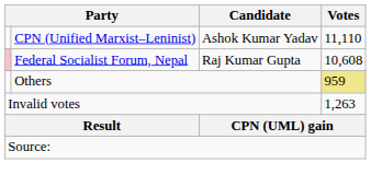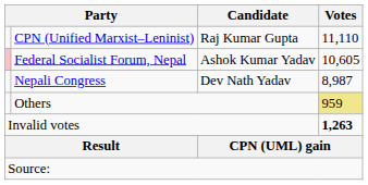 <table class="wikitable">
 <tr>
 <th colspan="2">Party</th>
 <th>Candidate</th>
 <th>Votes</th>
 </tr>
 <tr>
 <td style="background-color:"></td>
 <td><a href='#'>CPN (Unified Marxist–Leninist)</a></td>
-<td>Ashok Kumar Yadav</td>
+<td>Raj Kumar Gupta</td>
 <td>11,110</td>
 </tr>
 <tr>
 <td style="background-color:pink"></td>
 <td><a href='#'>Federal Socialist Forum, Nepal</a></td>
-<td>Raj Kumar Gupta</td>
-<td>10,608</td>
+<td>Ashok Kumar Yadav</td>
+<td>10,605</td>
+</tr>
+<tr>
+<td style="background-color:"></td>
+<td><a href='#'>Nepali Congress</a></td>
+<td>Dev Nath Yadav</td>
+<td>8,987</td>
 </tr>
 <tr>
 <td></td>
 <td colspan="2">Others</td>
 <td style="background: khaki;">959</td>
 </tr>
 <tr>
 <td colspan="3">Invalid votes</td>
-<td>1,263</td>
+<td><strong>1,263</strong></td>
 </tr>
 <tr>
 <th colspan="2">Result</th>
 <th colspan="2">CPN (UML) gain</th>
 </tr>
 <tr>
 <td colspan="4">Source: </td>
 </tr>
 </table>
